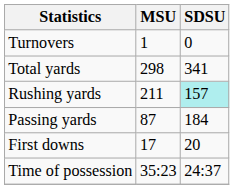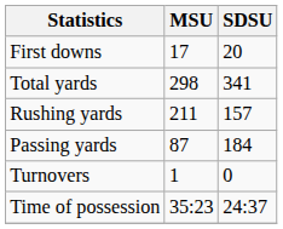 <table class="wikitable">
 <tr>
 <th>Statistics</th>
 <th>MSU</th>
 <th>SDSU</th>
 </tr>
 <tr>
-<td>Turnovers</td>
-<td>1</td>
-<td>0</td>
+<td>First downs</td>
+<td>17</td>
+<td>20</td>
 </tr>
 <tr>
 <td>Total yards</td>
 <td>298</td>
 <td>341</td>
 </tr>
 <tr>
 <td>Rushing yards</td>
 <td>211</td>
-<td style="background: paleturquoise;">157</td>
+<td>157</td>
 </tr>
 <tr>
 <td>Passing yards</td>
 <td>87</td>
 <td>184</td>
 </tr>
 <tr>
-<td>First downs</td>
-<td>17</td>
-<td>20</td>
+<td>Turnovers</td>
+<td>1</td>
+<td>0</td>
 </tr>
 <tr>
 <td>Time of possession</td>
 <td>35:23</td>
 <td>24:37</td>
 </tr>
 <tr>
 </tr>
 </table>
